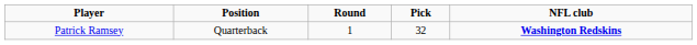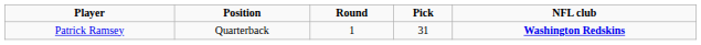 <table class="wikitable" width="80%">
 <tr align="center">
 <td><strong>Player</strong></td>
 <td><strong>Position</strong></td>
 <td><strong>Round</strong></td>
 <td><strong>Pick</strong></td>
 <td><strong>NFL club</strong></td>
 </tr>
 <tr align="center" bgcolor="">
 <td><a href='#'>Patrick Ramsey</a></td>
 <td>Quarterback</td>
 <td>1</td>
-<td>32</td>
+<td>31</td>
 <td><strong><a href='#'>Washington Redskins</a></strong></td>
 </tr>
 </table>
